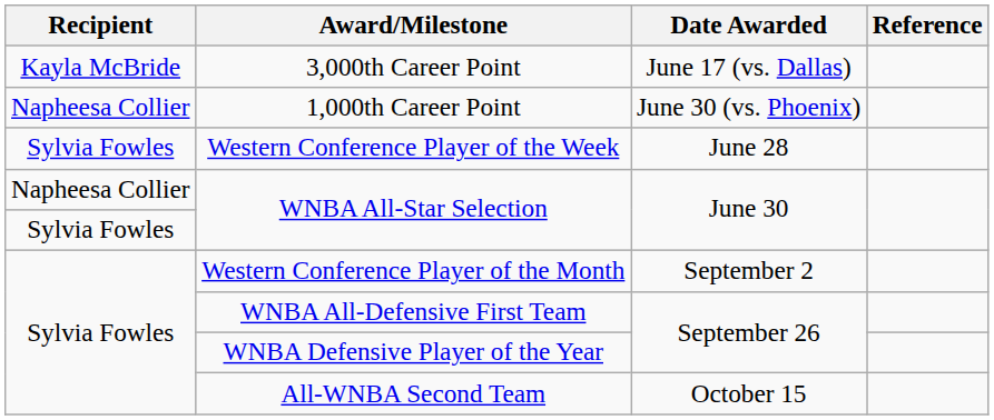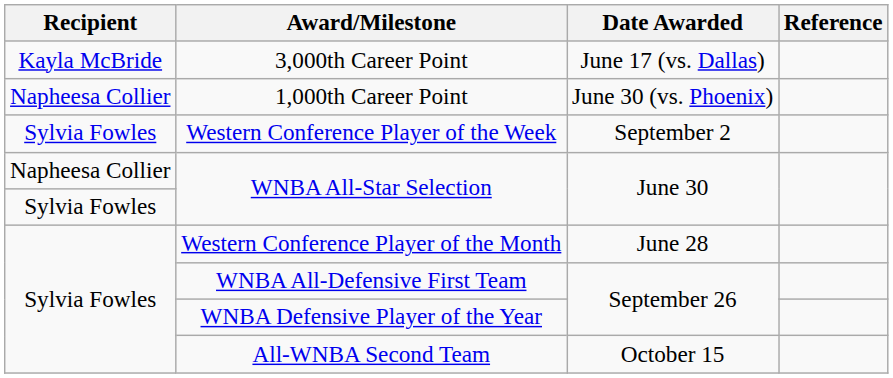 <table class="wikitable sortable sortable" style="text-align: center">
 <tr>
 <th>Recipient</th>
 <th>Award/Milestone</th>
 <th>Date Awarded</th>
 <th>Reference</th>
 </tr>
 <tr>
 <td><a href='#'>Kayla McBride</a></td>
 <td>3,000th Career Point</td>
 <td>June 17 (vs. <a href='#'>Dallas</a>)</td>
 <td></td>
 </tr>
 <tr>
 <td><a href='#'>Napheesa Collier</a></td>
 <td>1,000th Career Point</td>
 <td>June 30 (vs. <a href='#'>Phoenix</a>)</td>
 <td></td>
 </tr>
 <tr>
 <td><a href='#'>Sylvia Fowles</a></td>
 <td><a href='#'>Western Conference Player of the Week</a></td>
-<td>June 28</td>
+<td>September 2</td>
 <td></td>
 </tr>
 <tr>
 <td>Napheesa Collier</td>
 <td rowspan=2><a href='#'>WNBA All-Star Selection</a></td>
 <td rowspan=2>June 30</td>
 <td rowspan=2></td>
 </tr>
 <tr>
 <td>Sylvia Fowles</td>
 </tr>
 <tr>
 <td rowspan=4>Sylvia Fowles</td>
 <td><a href='#'>Western Conference Player of the Month</a></td>
-<td>September 2</td>
+<td>June 28</td>
 <td></td>
 </tr>
 <tr>
 <td><a href='#'>WNBA All-Defensive First Team</a></td>
 <td rowspan=2>September 26</td>
 <td></td>
 </tr>
 <tr>
 <td><a href='#'>WNBA Defensive Player of the Year</a></td>
 <td></td>
 </tr>
 <tr>
 <td><a href='#'>All-WNBA Second Team</a></td>
 <td>October 15</td>
 <td></td>
 </tr>
 </table>
